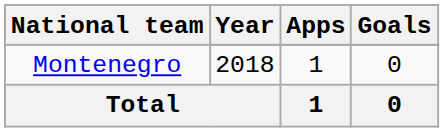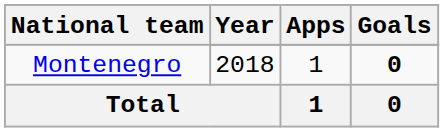 <table class="wikitable" style="text-align: center;">
 <tr>
 <th>National team</th>
 <th>Year</th>
 <th>Apps</th>
 <th>Goals</th>
 </tr>
 <tr>
 <td rowspan="2"><a href='#'>Montenegro</a></td>
 </tr>
 <tr>
 <td>2018</td>
 <td>1</td>
-<td>0</td>
+<td><strong>0</strong></td>
 </tr>
 <tr>
 <th colspan="2">Total</th>
 <th>1</th>
 <th>0</th>
 </tr>
 </table>
